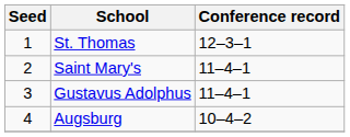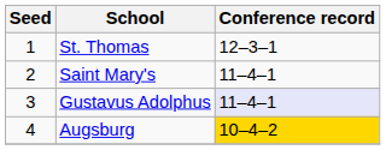 <table class="wikitable">
 <tr>
 <th>Seed</th>
 <th>School</th>
 <th>Conference record</th>
 </tr>
 <tr>
 <td align=center>1</td>
 <td><a href='#'>St. Thomas</a></td>
 <td>12–3–1</td>
 </tr>
 <tr>
 <td align=center>2</td>
 <td><a href='#'>Saint Mary's</a></td>
 <td>11–4–1</td>
 </tr>
 <tr>
 <td align=center>3</td>
 <td><a href='#'>Gustavus Adolphus</a></td>
-<td>11–4–1</td>
+<td style="background: lavender;">11–4–1</td>
 </tr>
 <tr>
 <td align=center>4</td>
 <td><a href='#'>Augsburg</a></td>
-<td>10–4–2</td>
+<td style="background: gold;">10–4–2</td>
 </tr>
 <tr>
 </tr>
 </table>
